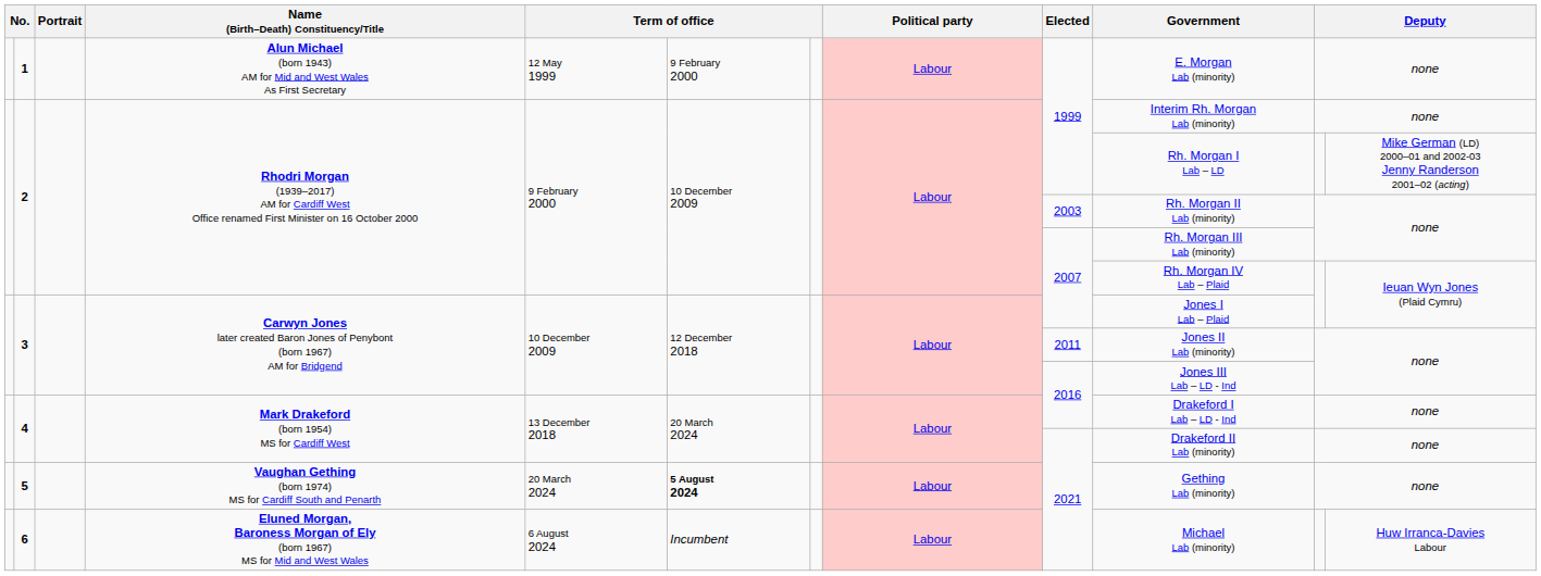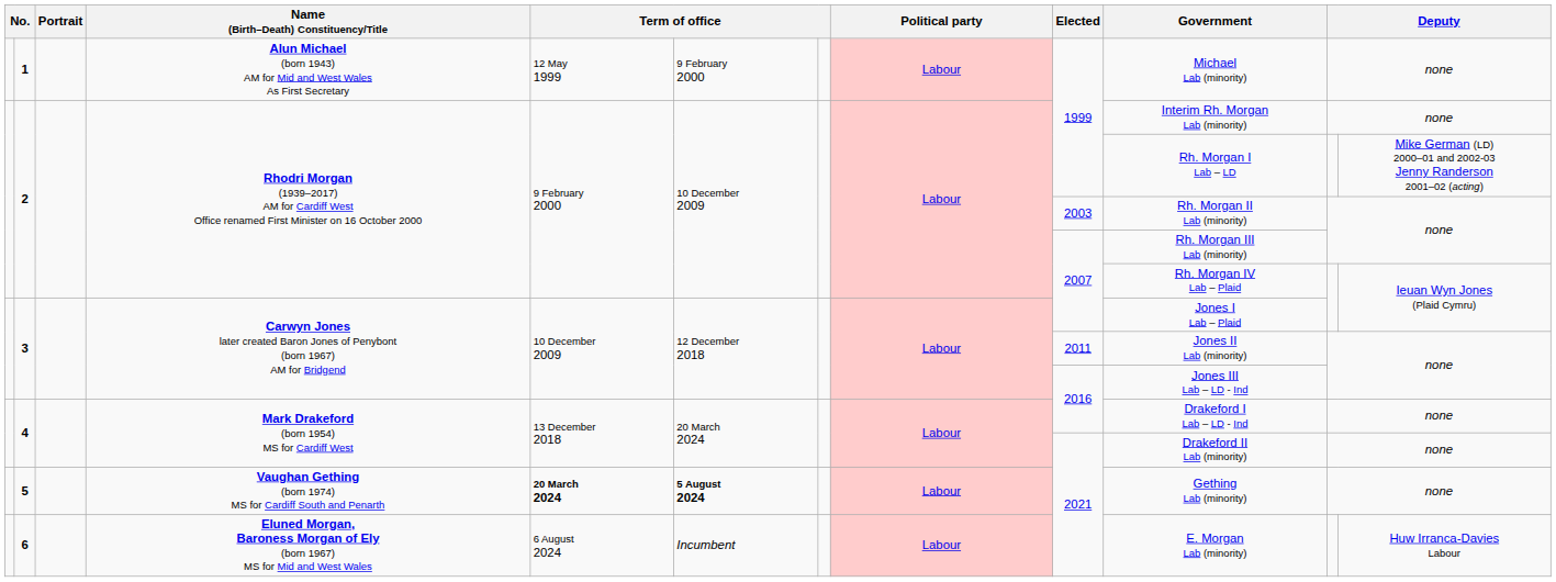 <table class="wikitable" width="100%">
 <tr>
 <th colspan="2" width="2%">No.</th>
 <th width="75">Portrait</th>
 <th width="30%">Name<br><small>(Birth–Death)</small> <small>Constituency/Title</small></th>
 <th colspan="3" width="20%">Term of office</th>
 <th width="15%">Political party</th>
 <th>Elected</th>
 <th width="15%">Government</th>
 <th colspan="2" width="15%"><a href='#'>Deputy</a></th>
 </tr>
 <tr>
 <td style="background-color: "></td>
 <td align="center"><strong>1</strong></td>
 <td></td>
 <td align="center"><strong><a href='#'>Alun Michael</a></strong><br><small>(born 1943)</small><br><small>AM for <a href='#'>Mid and West Wales</a></small><br><small>As First Secretary</small></td>
 <td><small>12 May</small><br>1999</td>
 <td><small>9 February</small><br>2000</td>
 <td></td>
 <td align="center" bgcolor="#FFCCCC"><a href='#'>Labour</a></td>
 <td rowspan="3" align="center"><a href='#'>1999</a></td>
-<td align="center" ><a href='#'>E. Morgan</a><br><small><a href='#'>Lab</a> (minority)</small></td>
+<td align="center" ><a href='#'>Michael</a><br><small><a href='#'>Lab</a> (minority)</small></td>
 <td colspan="2" align="center"><em>none</em></td>
 </tr>
 <tr>
 <td rowspan="5" style="background-color: "></td>
 <td rowspan="5" align="center"><strong>2</strong></td>
 <td rowspan="5"></td>
 <td rowspan="5" align="center"><strong><a href='#'>Rhodri Morgan</a></strong><br><small>(1939–2017)</small><br><small>AM for <a href='#'>Cardiff West</a></small><br><small>Office renamed First Minister on 16 October 2000</small></td>
 <td rowspan="5"><small>9 February</small><br>2000</td>
 <td rowspan="5"><small>10 December</small><br>2009</td>
 <td rowspan="5"></td>
 <td rowspan="5" align="center" bgcolor="#FFCCCC"><a href='#'>Labour</a></td>
 <td align="center" ><a href='#'>Interim Rh. Morgan</a><br><small><a href='#'>Lab</a> (minority)</small></td>
 <td colspan="2" align="center"><em>none</em></td>
 </tr>
 <tr>
 <td align="center" ><a href='#'>Rh. Morgan I</a><br><small><a href='#'>Lab</a> – <a href='#'>LD</a></small></td>
 <td style="background-color: "></td>
 <td align="center"><a href='#'>Mike German</a> <small>(LD)</small><br><small>2000–01 and 2002-03</small><br><a href='#'>Jenny Randerson</a><br><small>2001–02 (<em>acting</em>)</small></td>
 </tr>
 <tr>
 <td align="center"><a href='#'>2003</a></td>
 <td align="center" ><a href='#'>Rh. Morgan II</a><br><small><a href='#'>Lab</a> (minority)</small></td>
 <td colspan="2" rowspan="2" align="center"><em>none</em></td>
 </tr>
 <tr>
 <td rowspan="3" align="center"><a href='#'>2007</a></td>
 <td align="center" ><a href='#'>Rh. Morgan III</a><br><small><a href='#'>Lab</a> (minority)</small></td>
 </tr>
 <tr>
 <td align="center" ><a href='#'>Rh. Morgan IV</a><br><small><a href='#'>Lab</a> – <a href='#'>Plaid</a></small></td>
 <td rowspan="2" style="background-color: "></td>
 <td rowspan="2" align="center"><a href='#'>Ieuan Wyn Jones</a><br><small>(Plaid Cymru)</small></td>
 </tr>
 <tr>
 <td rowspan="3" style="background-color: "></td>
 <td rowspan="3" align="center"><strong>3</strong></td>
 <td rowspan="3"></td>
 <td rowspan="3" align="center"><strong><a href='#'>Carwyn Jones</a></strong><br><small>later created Baron Jones of Penybont</small><br><small>(born 1967)</small><br><small>AM for <a href='#'>Bridgend</a></small></td>
 <td rowspan="3"><small>10 December</small><br>2009</td>
 <td rowspan="3"><small>12 December</small><br>2018</td>
 <td rowspan="3"></td>
 <td rowspan="3" align="center" bgcolor="#FFCCCC"><a href='#'>Labour</a></td>
 <td align="center" ><a href='#'>Jones I</a><br><small><a href='#'>Lab</a> – <a href='#'>Plaid</a></small></td>
 </tr>
 <tr>
 <td align="center"><a href='#'>2011</a></td>
 <td align="center" ><a href='#'>Jones II</a><br><small><a href='#'>Lab</a> (minority)</small></td>
 <td colspan="2" rowspan="2" align="center"><em>none</em></td>
 </tr>
 <tr>
 <td rowspan="2" align="center"><a href='#'>2016</a></td>
 <td align="center" ><a href='#'>Jones III</a><br><small><a href='#'>Lab</a> – <a href='#'>LD</a> - <a href='#'>Ind</a></small></td>
 </tr>
 <tr>
 <td rowspan="2" style="background-color: "></td>
 <td rowspan="2" align="center"><strong>4</strong></td>
 <td rowspan="2"></td>
 <td rowspan="2" align="center"><strong><a href='#'>Mark Drakeford</a></strong><br><small>(born 1954)</small><br><small>MS for <a href='#'>Cardiff West</a></small></td>
 <td rowspan="2"><small>13 December</small><br>2018</td>
 <td rowspan="2"><small>20 March</small><br>2024</td>
 <td rowspan="2"></td>
 <td rowspan="2" align="center" bgcolor="#FFCCCC"><a href='#'>Labour</a></td>
 <td align="center" ><a href='#'>Drakeford I</a><br><small><a href='#'>Lab</a> – <a href='#'>LD</a> - <a href='#'>Ind</a></small></td>
 <td colspan="2" align="center"><em>none</em></td>
 </tr>
 <tr>
 <td rowspan="3" align="center"><a href='#'>2021</a></td>
 <td align="center" ><a href='#'>Drakeford II</a><br><small><a href='#'>Lab</a> (minority)</small></td>
 <td colspan="2" align="center"><em>none</em></td>
 </tr>
 <tr>
 <td style="background-color: "></td>
 <td align="center"><strong>5</strong></td>
 <td></td>
 <td align="center"><strong><a href='#'>Vaughan Gething</a></strong><br><small>(born 1974)</small><br><small>MS for <a href='#'>Cardiff South and Penarth</a></small></td>
-<td><small>20 March</small><br>2024</td>
+<td><strong><small>20 March</small><br>2024</strong></td>
 <td><strong><small>5 August</small><br>2024</strong></td>
 <td></td>
 <td align="center" bgcolor="#FFCCCC"><a href='#'>Labour</a></td>
 <td align="center" ><a href='#'>Gething</a><br><small><a href='#'>Lab</a> (minority)</small></td>
 <td colspan="2" align="center"><em>none</em></td>
 </tr>
 <tr>
 <td style="background-color: "></td>
 <td align="center"><strong>6</strong></td>
 <td></td>
 <td align="center"><strong><a href='#'>Eluned Morgan,<br>Baroness Morgan of Ely</a></strong><br><small>(born 1967)</small><br><small>MS for <a href='#'>Mid and West Wales</a></small></td>
 <td><small>6 August</small><br>2024</td>
 <td><em>Incumbent</em></td>
 <td></td>
 <td align="center" bgcolor="#FFCCCC"><a href='#'>Labour</a></td>
-<td align="center" ><a href='#'>Michael</a><br><small><a href='#'>Lab</a> (minority)</small></td>
+<td align="center" ><a href='#'>E. Morgan</a><br><small><a href='#'>Lab</a> (minority)</small></td>
 <td style="background-color: "></td>
 <td align="center"><a href='#'>Huw Irranca-Davies</a><br><small>Labour</small></td>
 </tr>
 </table>
